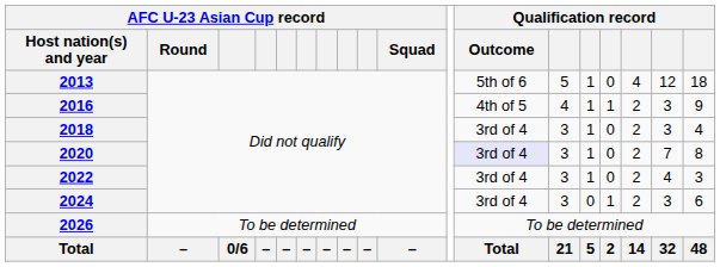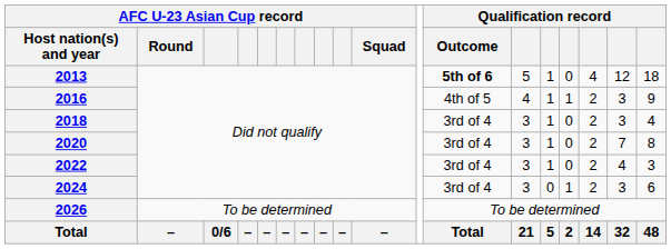 <table class="wikitable" style="font-size:90%; text-align:center;">
 <tr>
 <th colspan=10><a href='#'>AFC U-23 Asian Cup</a> record</th>
 <th rowspan="21" style="width:1%;background:white"></th>
 <th colspan=7>Qualification record</th>
 </tr>
 <tr>
 <th scope="col">Host nation(s)<br>and year</th>
 <th scope="col">Round</th>
 <th scope="col"></th>
 <th scope="col"></th>
 <th scope="col"></th>
 <th scope="col"></th>
 <th scope="col"></th>
 <th scope="col"></th>
 <th scope="col"></th>
 <th scope="col">Squad</th>
 <th scope="col">Outcome</th>
 <th scope="col"></th>
 <th scope="col"></th>
 <th scope="col"></th>
 <th scope="col"></th>
 <th scope="col"></th>
 <th scope="col"></th>
 </tr>
 <tr>
 <th scope="row"> <a href='#'>2013</a></th>
 <td colspan="9" rowspan="6"><em>Did not qualify</em></td>
-<td>5th of 6</td>
+<td><strong>5th of 6</strong></td>
 <td>5</td>
 <td>1</td>
 <td>0</td>
 <td>4</td>
 <td>12</td>
 <td>18</td>
 </tr>
 <tr>
 <th scope="row"> <a href='#'>2016</a></th>
 <td>4th of 5</td>
 <td>4</td>
 <td>1</td>
 <td>1</td>
 <td>2</td>
 <td>3</td>
 <td>9</td>
 </tr>
 <tr>
 <th scope="row"> <a href='#'>2018</a></th>
 <td>3rd of 4</td>
 <td>3</td>
 <td>1</td>
 <td>0</td>
 <td>2</td>
 <td>3</td>
 <td>4</td>
 </tr>
 <tr>
 <th scope="row"> <a href='#'>2020</a></th>
-<td style="background: lavender;">3rd of 4</td>
+<td>3rd of 4</td>
 <td>3</td>
 <td>1</td>
 <td>0</td>
 <td>2</td>
 <td>7</td>
 <td>8</td>
 </tr>
 <tr>
 <th> <a href='#'>2022</a></th>
 <td>3rd of 4</td>
 <td>3</td>
 <td>1</td>
 <td>0</td>
 <td>2</td>
 <td>4</td>
 <td>3</td>
 </tr>
 <tr>
 <th> <a href='#'>2024</a></th>
 <td>3rd of 4</td>
 <td>3</td>
 <td>0</td>
 <td>1</td>
 <td>2</td>
 <td>3</td>
 <td>6</td>
 </tr>
 <tr>
 <th> <a href='#'>2026</a></th>
 <td colspan="9"><em>To be determined</em></td>
 <td colspan="7"><em>To be determined</em></td>
 </tr>
 <tr>
 <th>Total</th>
 <th>–</th>
 <th>0/6</th>
 <th>–</th>
 <th>–</th>
 <th>–</th>
 <th>–</th>
 <th>–</th>
 <th>–</th>
 <th>–</th>
 <th>Total</th>
 <th>21</th>
 <th>5</th>
 <th>2</th>
 <th>14</th>
 <th>32</th>
 <th>48</th>
 </tr>
 </table>
